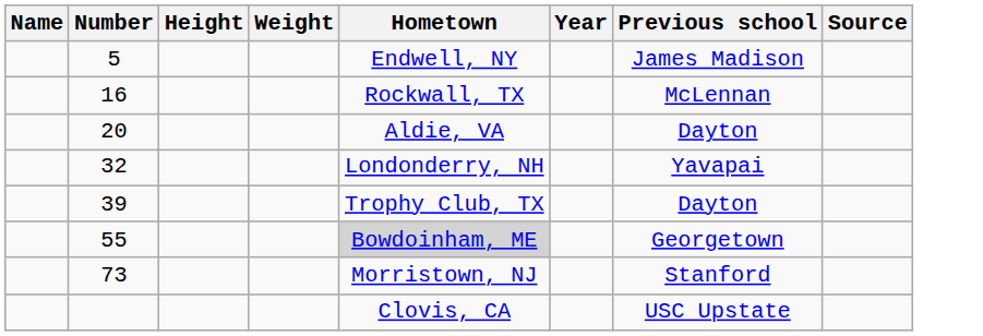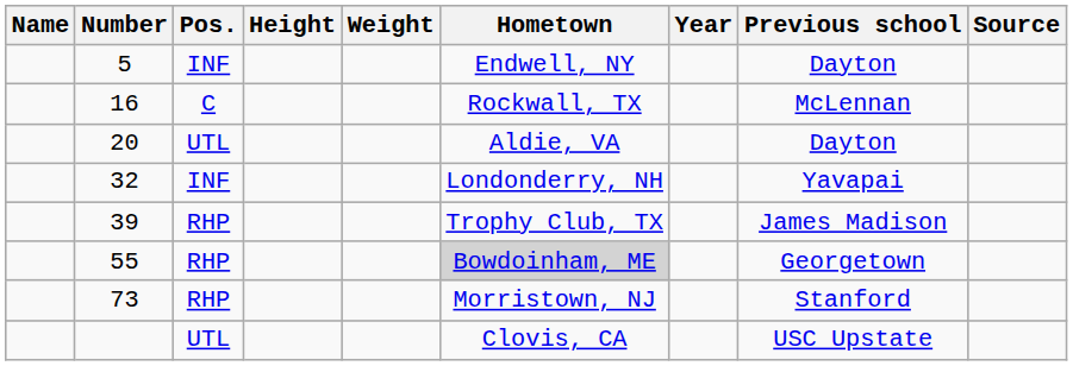 <table class="wikitable sortable sortable" style="text-align: center">
 <tr align=center>
 <th>Name</th>
 <th>Number</th>
+<th>Pos.</th>
 <th>Height</th>
 <th>Weight</th>
 <th>Hometown</th>
 <th>Year</th>
 <th>Previous school</th>
 <th>Source</th>
 </tr>
 <tr>
 <td></td>
 <td>5</td>
+<td><a href='#'>INF</a></td>
 <td></td>
 <td></td>
 <td><a href='#'>Endwell, NY</a></td>
 <td></td>
-<td><a href='#'>James Madison</a></td>
+<td><a href='#'>Dayton</a></td>
 <td></td>
 </tr>
 <tr>
 <td></td>
 <td>16</td>
+<td><a href='#'>C</a></td>
 <td></td>
 <td></td>
 <td><a href='#'>Rockwall, TX</a></td>
 <td></td>
 <td><a href='#'>McLennan</a></td>
 <td></td>
 </tr>
 <tr>
 <td></td>
 <td>20</td>
+<td><a href='#'>UTL</a></td>
 <td></td>
 <td></td>
 <td><a href='#'>Aldie, VA</a></td>
 <td></td>
 <td><a href='#'>Dayton</a></td>
 <td></td>
 </tr>
 <tr>
 <td></td>
 <td>32</td>
+<td><a href='#'>INF</a></td>
 <td></td>
 <td></td>
 <td><a href='#'>Londonderry, NH</a></td>
 <td></td>
 <td><a href='#'>Yavapai</a></td>
 <td></td>
 </tr>
 <tr>
 <td></td>
 <td>39</td>
+<td><a href='#'>RHP</a></td>
 <td></td>
 <td></td>
 <td><a href='#'>Trophy Club, TX</a></td>
 <td></td>
-<td><a href='#'>Dayton</a></td>
+<td><a href='#'>James Madison</a></td>
 <td></td>
 </tr>
 <tr>
 <td></td>
 <td>55</td>
+<td><a href='#'>RHP</a></td>
 <td></td>
 <td></td>
 <td style="background: lightgrey;"><a href='#'>Bowdoinham, ME</a></td>
 <td></td>
 <td><a href='#'>Georgetown</a></td>
 <td></td>
 </tr>
 <tr>
 <td></td>
 <td>73</td>
+<td><a href='#'>RHP</a></td>
 <td></td>
 <td></td>
 <td><a href='#'>Morristown, NJ</a></td>
 <td></td>
 <td><a href='#'>Stanford</a></td>
 <td></td>
 </tr>
 <tr>
 <td></td>
 <td></td>
+<td><a href='#'>UTL</a></td>
 <td></td>
 <td></td>
 <td><a href='#'>Clovis, CA</a></td>
 <td></td>
 <td><a href='#'>USC Upstate</a></td>
 <td></td>
 </tr>
 </table>
